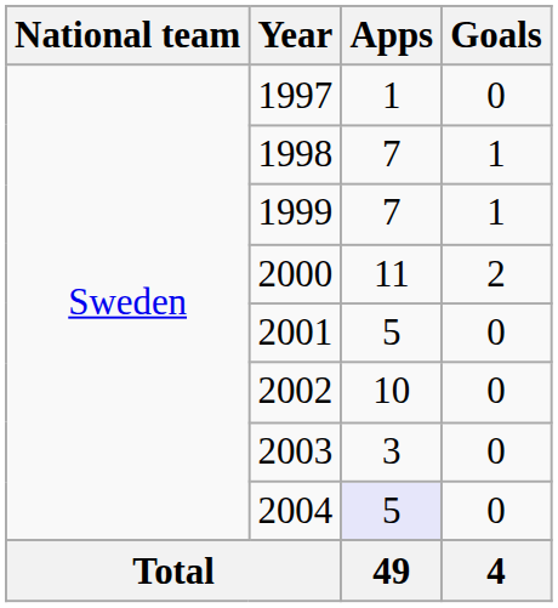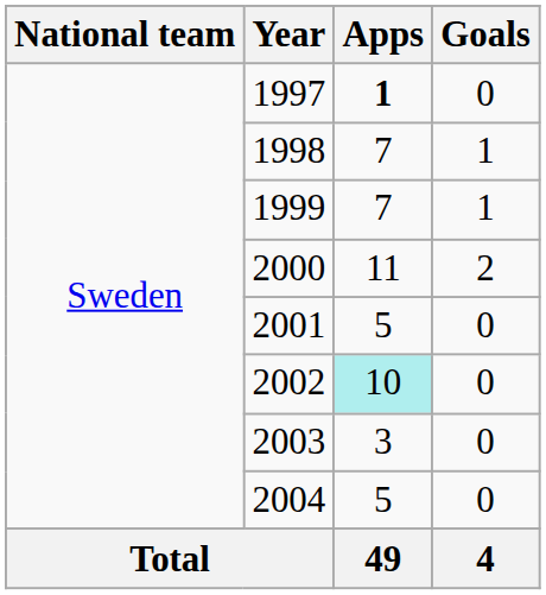 <table class="wikitable" style="text-align:center">
 <tr>
 <th>National team</th>
 <th>Year</th>
 <th>Apps</th>
 <th>Goals</th>
 </tr>
 <tr>
 <td rowspan="8"><a href='#'>Sweden</a></td>
 <td>1997</td>
-<td>1</td>
+<td><strong>1</strong></td>
 <td>0</td>
 </tr>
 <tr>
 <td>1998</td>
 <td>7</td>
 <td>1</td>
 </tr>
 <tr>
 <td>1999</td>
 <td>7</td>
 <td>1</td>
 </tr>
 <tr>
 <td>2000</td>
 <td>11</td>
 <td>2</td>
 </tr>
 <tr>
 <td>2001</td>
 <td>5</td>
 <td>0</td>
 </tr>
 <tr>
 <td>2002</td>
-<td>10</td>
+<td style="background: paleturquoise;">10</td>
 <td>0</td>
 </tr>
 <tr>
 <td>2003</td>
 <td>3</td>
 <td>0</td>
 </tr>
 <tr>
 <td>2004</td>
-<td style="background: lavender;">5</td>
+<td>5</td>
 <td>0</td>
 </tr>
 <tr>
 <th colspan="2">Total</th>
 <th>49</th>
 <th>4</th>
 </tr>
 </table>
